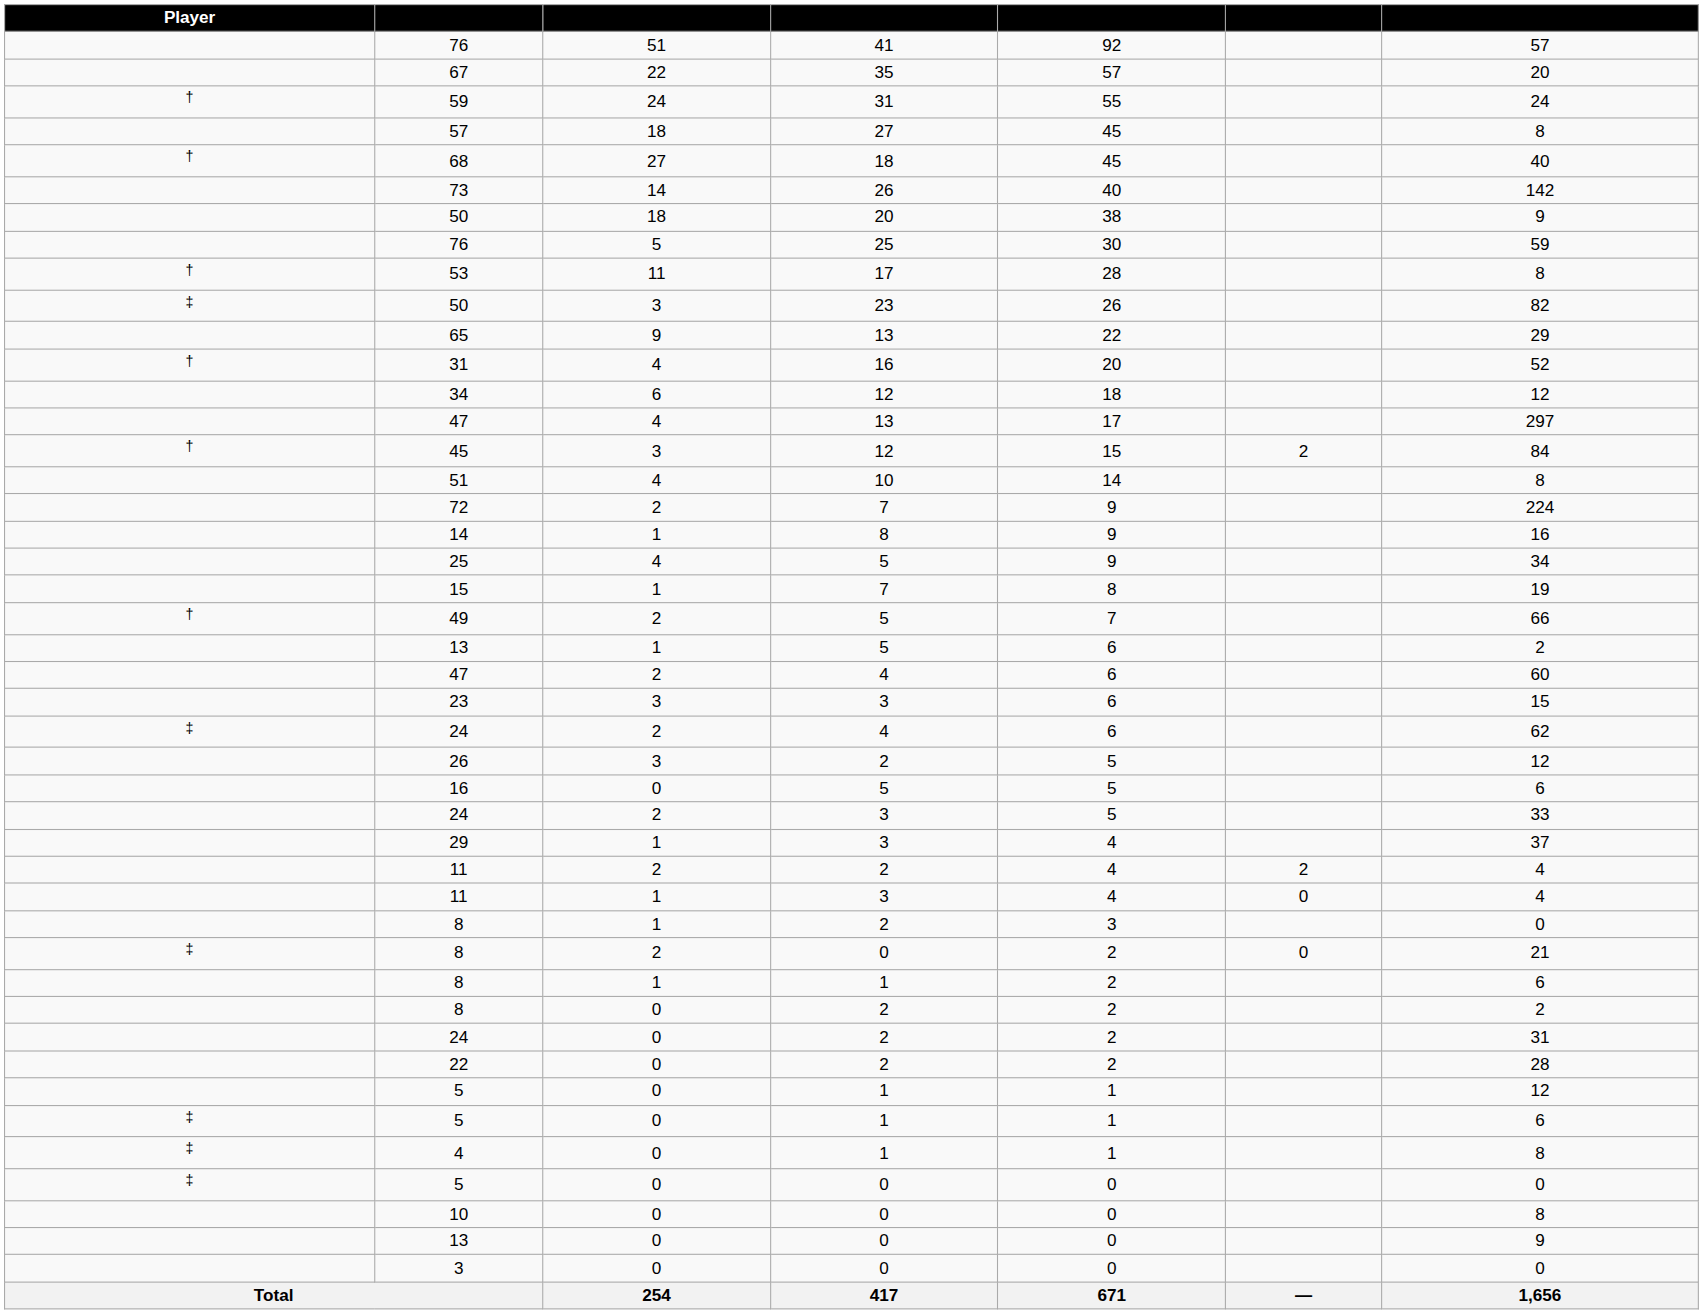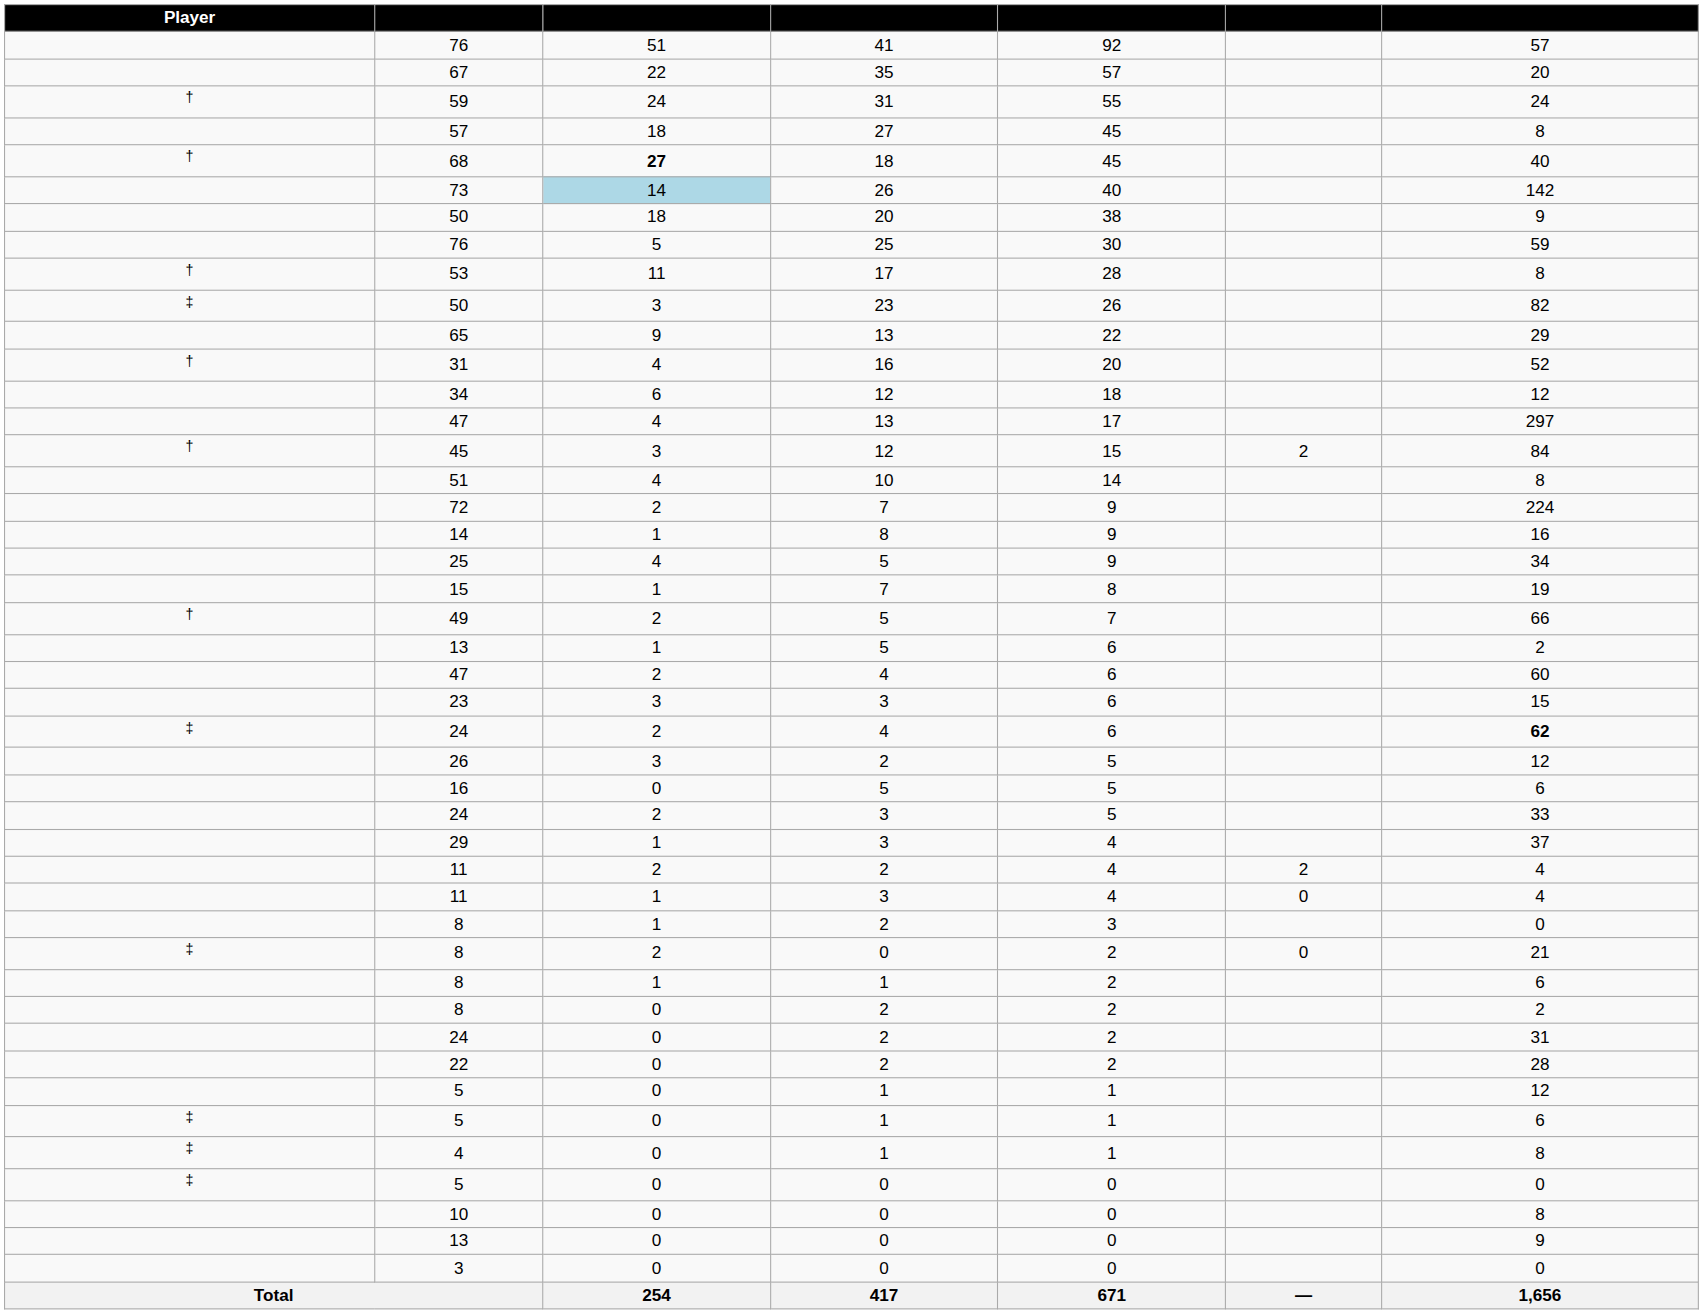 <table class="wikitable sortable" style="width:100%; text-align:center;">
 <tr align=center>
 <th style="color:white; background:#000000; ">Player</th>
 <th style="color:white; background:#000000; "></th>
 <th style="color:white; background:#000000; "></th>
 <th style="color:white; background:#000000; "></th>
 <th style="color:white; background:#000000; "></th>
 <th style="color:white; background:#000000; "></th>
 <th style="color:white; background:#000000; "></th>
 </tr>
 <tr>
 <td></td>
 <td>76</td>
 <td>51</td>
 <td>41</td>
 <td>92</td>
 <td></td>
 <td>57</td>
 </tr>
 <tr>
 <td></td>
 <td>67</td>
 <td>22</td>
 <td>35</td>
 <td>57</td>
 <td></td>
 <td>20</td>
 </tr>
 <tr>
 <td><sup>†</sup></td>
 <td>59</td>
 <td>24</td>
 <td>31</td>
 <td>55</td>
 <td></td>
 <td>24</td>
 </tr>
 <tr>
 <td></td>
 <td>57</td>
 <td>18</td>
 <td>27</td>
 <td>45</td>
 <td></td>
 <td>8</td>
 </tr>
 <tr>
 <td><sup>†</sup></td>
 <td>68</td>
-<td>27</td>
+<td><strong>27</strong></td>
 <td>18</td>
 <td>45</td>
 <td></td>
 <td>40</td>
 </tr>
 <tr>
 <td></td>
 <td>73</td>
-<td>14</td>
+<td style="background: lightblue;">14</td>
 <td>26</td>
 <td>40</td>
 <td></td>
 <td>142</td>
 </tr>
 <tr>
 <td></td>
 <td>50</td>
 <td>18</td>
 <td>20</td>
 <td>38</td>
 <td></td>
 <td>9</td>
 </tr>
 <tr>
 <td></td>
 <td>76</td>
 <td>5</td>
 <td>25</td>
 <td>30</td>
 <td></td>
 <td>59</td>
 </tr>
 <tr>
 <td><sup>†</sup></td>
 <td>53</td>
 <td>11</td>
 <td>17</td>
 <td>28</td>
 <td></td>
 <td>8</td>
 </tr>
 <tr>
 <td><sup>‡</sup></td>
 <td>50</td>
 <td>3</td>
 <td>23</td>
 <td>26</td>
 <td></td>
 <td>82</td>
 </tr>
 <tr>
 <td></td>
 <td>65</td>
 <td>9</td>
 <td>13</td>
 <td>22</td>
 <td></td>
 <td>29</td>
 </tr>
 <tr>
 <td><sup>†</sup></td>
 <td>31</td>
 <td>4</td>
 <td>16</td>
 <td>20</td>
 <td></td>
 <td>52</td>
 </tr>
 <tr>
 <td></td>
 <td>34</td>
 <td>6</td>
 <td>12</td>
 <td>18</td>
 <td></td>
 <td>12</td>
 </tr>
 <tr>
 <td></td>
 <td>47</td>
 <td>4</td>
 <td>13</td>
 <td>17</td>
 <td></td>
 <td>297</td>
 </tr>
 <tr>
 <td><sup>†</sup></td>
 <td>45</td>
 <td>3</td>
 <td>12</td>
 <td>15</td>
 <td>2</td>
 <td>84</td>
 </tr>
 <tr>
 <td></td>
 <td>51</td>
 <td>4</td>
 <td>10</td>
 <td>14</td>
 <td></td>
 <td>8</td>
 </tr>
 <tr>
 <td></td>
 <td>72</td>
 <td>2</td>
 <td>7</td>
 <td>9</td>
 <td></td>
 <td>224</td>
 </tr>
 <tr>
 <td></td>
 <td>14</td>
 <td>1</td>
 <td>8</td>
 <td>9</td>
 <td></td>
 <td>16</td>
 </tr>
 <tr>
 <td></td>
 <td>25</td>
 <td>4</td>
 <td>5</td>
 <td>9</td>
 <td></td>
 <td>34</td>
 </tr>
 <tr>
 <td></td>
 <td>15</td>
 <td>1</td>
 <td>7</td>
 <td>8</td>
 <td></td>
 <td>19</td>
 </tr>
 <tr>
 <td><sup>†</sup></td>
 <td>49</td>
 <td>2</td>
 <td>5</td>
 <td>7</td>
 <td></td>
 <td>66</td>
 </tr>
 <tr>
 <td></td>
 <td>13</td>
 <td>1</td>
 <td>5</td>
 <td>6</td>
 <td></td>
 <td>2</td>
 </tr>
 <tr>
 <td></td>
 <td>47</td>
 <td>2</td>
 <td>4</td>
 <td>6</td>
 <td></td>
 <td>60</td>
 </tr>
 <tr>
 <td></td>
 <td>23</td>
 <td>3</td>
 <td>3</td>
 <td>6</td>
 <td></td>
 <td>15</td>
 </tr>
 <tr>
 <td><sup>‡</sup></td>
 <td>24</td>
 <td>2</td>
 <td>4</td>
 <td>6</td>
 <td></td>
-<td>62</td>
+<td><strong>62</strong></td>
 </tr>
 <tr>
 <td></td>
 <td>26</td>
 <td>3</td>
 <td>2</td>
 <td>5</td>
 <td></td>
 <td>12</td>
 </tr>
 <tr>
 <td></td>
 <td>16</td>
 <td>0</td>
 <td>5</td>
 <td>5</td>
 <td></td>
 <td>6</td>
 </tr>
 <tr>
 <td></td>
 <td>24</td>
 <td>2</td>
 <td>3</td>
 <td>5</td>
 <td></td>
 <td>33</td>
 </tr>
 <tr>
 <td></td>
 <td>29</td>
 <td>1</td>
 <td>3</td>
 <td>4</td>
 <td></td>
 <td>37</td>
 </tr>
 <tr>
 <td></td>
 <td>11</td>
 <td>2</td>
 <td>2</td>
 <td>4</td>
 <td>2</td>
 <td>4</td>
 </tr>
 <tr>
 <td></td>
 <td>11</td>
 <td>1</td>
 <td>3</td>
 <td>4</td>
 <td>0</td>
 <td>4</td>
 </tr>
 <tr>
 <td></td>
 <td>8</td>
 <td>1</td>
 <td>2</td>
 <td>3</td>
 <td></td>
 <td>0</td>
 </tr>
 <tr>
 <td><sup>‡</sup></td>
 <td>8</td>
 <td>2</td>
 <td>0</td>
 <td>2</td>
 <td>0</td>
 <td>21</td>
 </tr>
 <tr>
 <td></td>
 <td>8</td>
 <td>1</td>
 <td>1</td>
 <td>2</td>
 <td></td>
 <td>6</td>
 </tr>
 <tr>
 <td></td>
 <td>8</td>
 <td>0</td>
 <td>2</td>
 <td>2</td>
 <td></td>
 <td>2</td>
 </tr>
 <tr>
 <td></td>
 <td>24</td>
 <td>0</td>
 <td>2</td>
 <td>2</td>
 <td></td>
 <td>31</td>
 </tr>
 <tr>
 <td></td>
 <td>22</td>
 <td>0</td>
 <td>2</td>
 <td>2</td>
 <td></td>
 <td>28</td>
 </tr>
 <tr>
 <td></td>
 <td>5</td>
 <td>0</td>
 <td>1</td>
 <td>1</td>
 <td></td>
 <td>12</td>
 </tr>
 <tr>
 <td><sup>‡</sup></td>
 <td>5</td>
 <td>0</td>
 <td>1</td>
 <td>1</td>
 <td></td>
 <td>6</td>
 </tr>
 <tr>
 <td><sup>‡</sup></td>
 <td>4</td>
 <td>0</td>
 <td>1</td>
 <td>1</td>
 <td></td>
 <td>8</td>
 </tr>
 <tr>
 <td><sup>‡</sup></td>
 <td>5</td>
 <td>0</td>
 <td>0</td>
 <td>0</td>
 <td></td>
 <td>0</td>
 </tr>
 <tr>
 <td></td>
 <td>10</td>
 <td>0</td>
 <td>0</td>
 <td>0</td>
 <td></td>
 <td>8</td>
 </tr>
 <tr>
 <td></td>
 <td>13</td>
 <td>0</td>
 <td>0</td>
 <td>0</td>
 <td></td>
 <td>9</td>
 </tr>
 <tr>
 <td></td>
 <td>3</td>
 <td>0</td>
 <td>0</td>
 <td>0</td>
 <td></td>
 <td>0</td>
 </tr>
 <tr class="sortbottom">
 <th colspan=2>Total</th>
 <th>254</th>
 <th>417</th>
 <th>671</th>
 <th>—</th>
 <th>1,656</th>
 </tr>
 </table>
